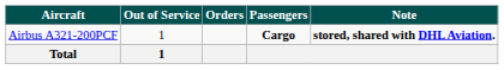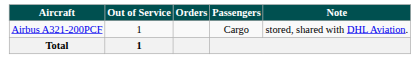 <table Class="wikitable" style= "text-align:center; margin: 1em auto;">
 <tr>
 <th style="background:#005050; color:white;">Aircraft</th>
 <th style="background:#005050; color:white;">Out of Service</th>
 <th style="background:#005050; color:white;">Orders</th>
 <th style="background:#005050; color:white;">Passengers</th>
 <th style="background:#005050; color:white;">Note</th>
 </tr>
 <tr>
 <td><a href='#'>Airbus A321-200PCF</a></td>
 <td>1</td>
 <td></td>
-<td><strong><abbr>Cargo</abbr></strong></td>
-<td><strong>stored, shared with <a href='#'>DHL Aviation</a>.</strong></td>
+<td><abbr>Cargo</abbr></td>
+<td>stored, shared with <a href='#'>DHL Aviation</a>.</td>
 </tr>
 <tr>
 <th>Total</th>
 <th>1</th>
 <th></th>
 <th colspan="3"></th>
 </tr>
 </table>
